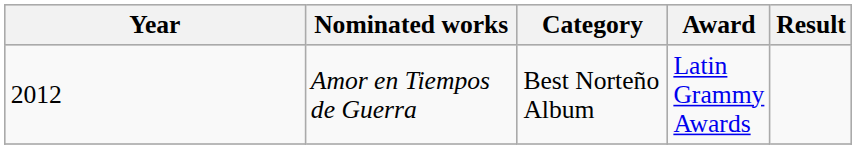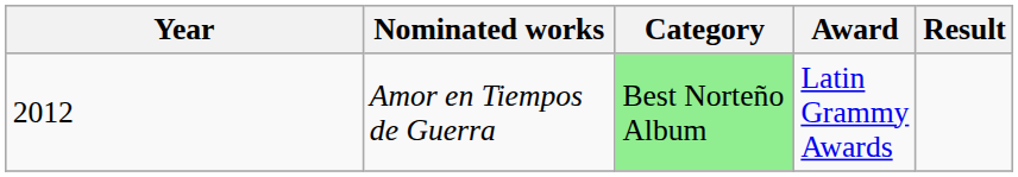 <table class="wikitable" style="width:85%;">
 <tr>
 <th style="width:50%;">Year</th>
 <th style="width:30%;">Nominated works</th>
 <th style="width:30%;">Category</th>
 <th style="width:30%;">Award</th>
 <th style="width:10%;">Result</th>
 </tr>
 <tr>
 <td rowspan="2">2012</td>
 <td><em>Amor en Tiempos de Guerra</em></td>
-<td>Best Norteño Album</td>
+<td style="background: lightgreen;">Best Norteño Album</td>
 <td><a href='#'>Latin Grammy Awards</a></td>
 <td></td>
 </tr>
 </table>
